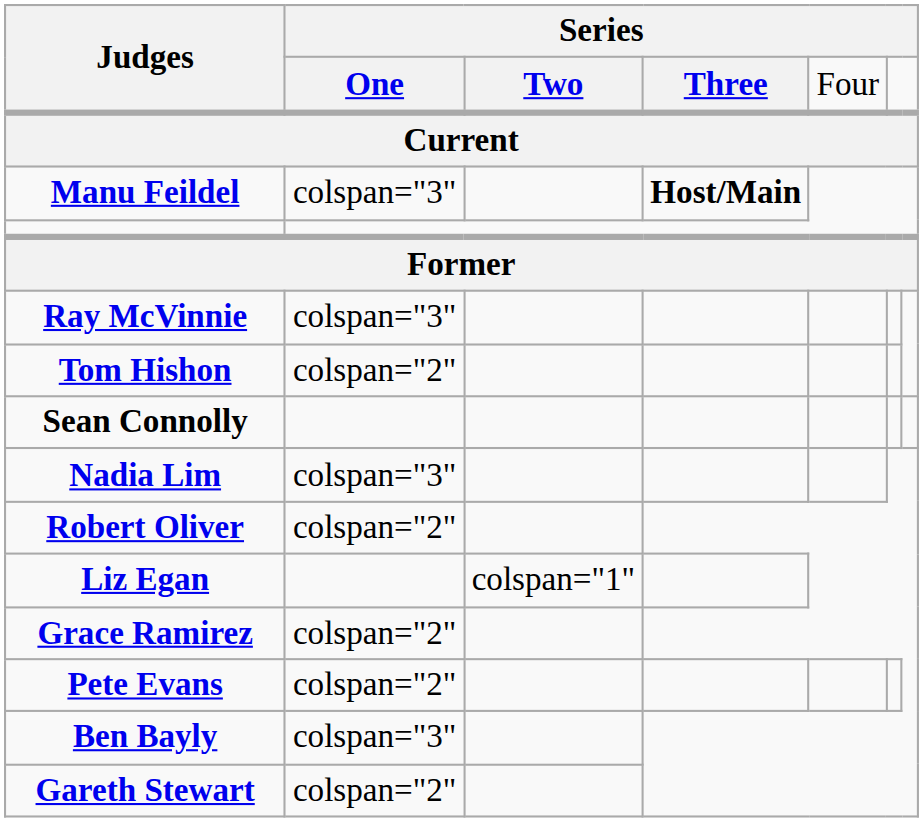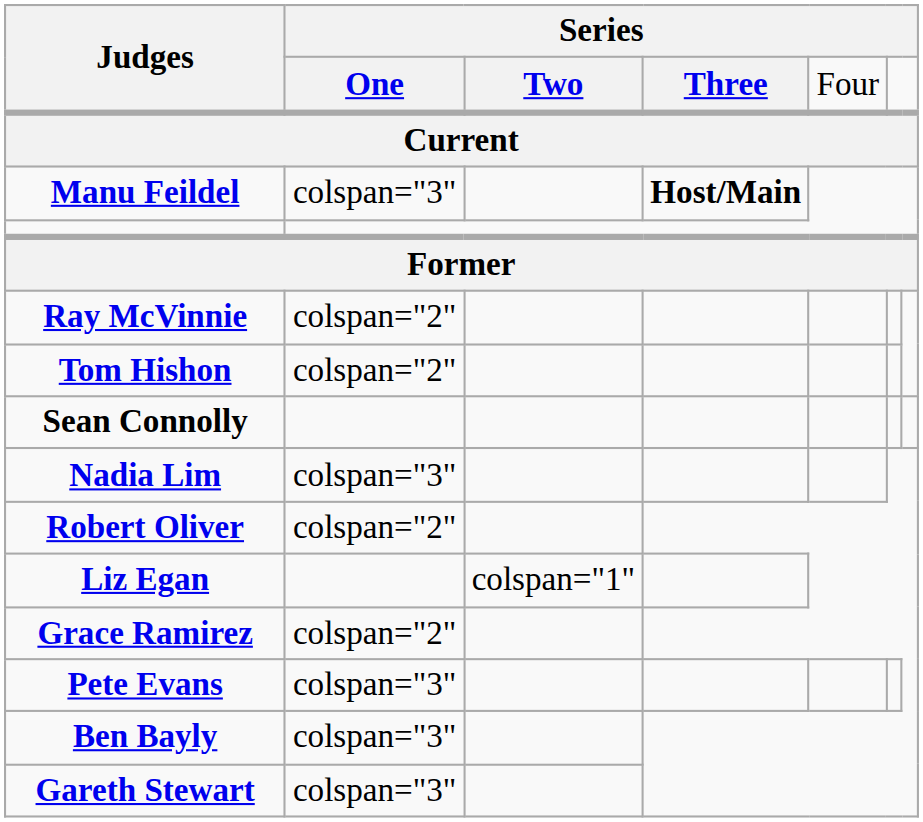 <table class="wikitable" style="text-align: center;">
 <tr>
 <th scope="col" style="width:8em;" rowspan="2">Judges</th>
 <th scope="col" colspan="6">Series</th>
 </tr>
 <tr>
 <th scope="col" style="width:3.5em;"><a href='#'>One</a></th>
 <th scope="col" style="width:3.5em;"><a href='#'>Two</a></th>
 <th scope="col" style="width:3.5em;"><a href='#'>Three</a></th>
 <td>Four</td>
 </tr>
 <tr style="border-top:3px solid #aaa;">
 <th colspan="7">Current</th>
 </tr>
 <tr>
 <td scope="row"><strong><a href='#'>Manu Feildel</a></strong></td>
 <td>colspan="3" </td>
 <td></td>
 <td><strong>Host/Main</strong></td>
 </tr>
 <tr>
 <td></td>
 </tr>
 <tr style="border-top:3px solid #aaa;">
 <th colspan="7">Former</th>
 </tr>
 <tr>
 <td scope="row"><strong><a href='#'>Ray McVinnie</a></strong></td>
-<td>colspan="3" </td>
+<td>colspan="2" </td>
 <td></td>
 <td></td>
 <td></td>
 <td></td>
 </tr>
 <tr>
 <td scope="row"><strong><a href='#'>Tom Hishon</a></strong></td>
 <td>colspan="2" </td>
 <td></td>
 <td></td>
 <td></td>
 <td></td>
 </tr>
 <tr>
 <td scope="row"><strong>Sean Connolly</strong></td>
 <td></td>
 <td></td>
 <td></td>
 <td></td>
 <td></td>
 <td></td>
 </tr>
 <tr>
 <td scope="row"><strong><a href='#'>Nadia Lim</a></strong></td>
 <td>colspan="3" </td>
 <td></td>
 <td></td>
 <td></td>
 </tr>
 <tr>
 <td scope="row"><strong><a href='#'>Robert Oliver</a></strong></td>
 <td>colspan="2" </td>
 <td></td>
 </tr>
 <tr>
 <td scope="row"><strong><a href='#'>Liz Egan</a></strong></td>
 <td></td>
 <td>colspan="1" </td>
 <td></td>
 </tr>
 <tr>
 <td scope="row"><strong><a href='#'>Grace Ramirez</a></strong></td>
 <td>colspan="2" </td>
 <td></td>
 </tr>
 <tr>
 <td scope="row"><strong><a href='#'>Pete Evans</a></strong></td>
-<td>colspan="2"  </td>
+<td>colspan="3" </td>
 <td></td>
 <td></td>
 <td></td>
 <td></td>
 </tr>
 <tr>
 <td scope="row"><strong><a href='#'>Ben Bayly</a></strong></td>
 <td>colspan="3" </td>
 <td></td>
 </tr>
 <tr>
 <td scope="row"><strong><a href='#'>Gareth Stewart</a></strong></td>
-<td>colspan="2" </td>
+<td>colspan="3" </td>
 <td></td>
 </tr>
 </table>
